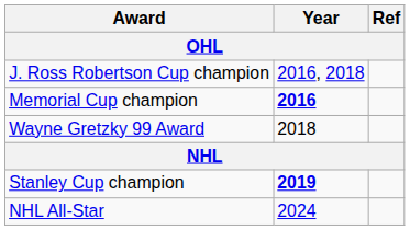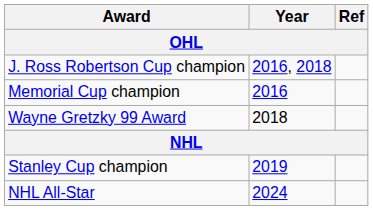 <table class="wikitable">
 <tr>
 <th>Award</th>
 <th>Year</th>
 <th>Ref</th>
 </tr>
 <tr>
 <th colspan="3"><a href='#'>OHL</a></th>
 </tr>
 <tr>
 <td><a href='#'>J. Ross Robertson Cup</a> champion</td>
 <td><a href='#'>2016</a>, <a href='#'>2018</a></td>
 <td></td>
 </tr>
 <tr>
 <td><a href='#'>Memorial Cup</a> champion</td>
-<td><strong><a href='#'>2016</a></strong></td>
+<td><a href='#'>2016</a></td>
 <td></td>
 </tr>
 <tr>
 <td><a href='#'>Wayne Gretzky 99 Award</a></td>
 <td>2018</td>
 <td></td>
 </tr>
 <tr>
 <th colspan="3"><a href='#'>NHL</a></th>
 </tr>
 <tr>
 <td><a href='#'>Stanley Cup</a> champion</td>
-<td><strong><a href='#'>2019</a></strong></td>
+<td><a href='#'>2019</a></td>
 <td></td>
 </tr>
 <tr>
 <td><a href='#'>NHL All-Star</a></td>
 <td><a href='#'>2024</a></td>
 </tr>
 </table>
